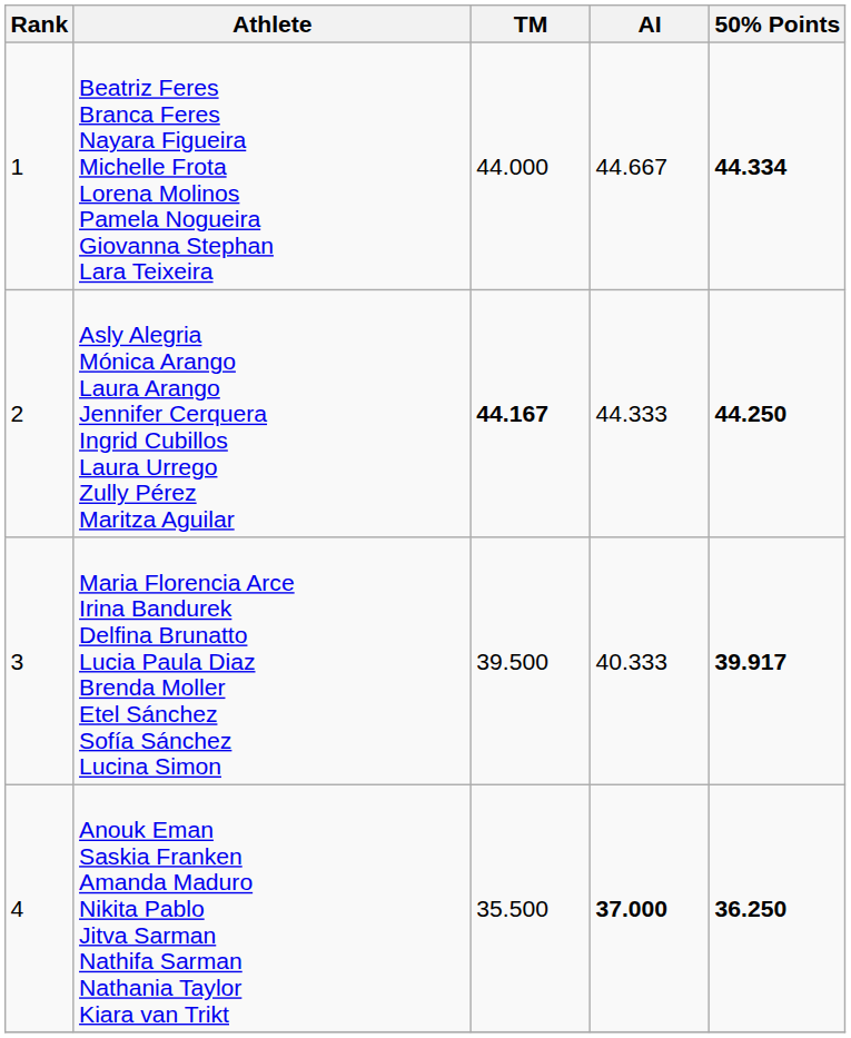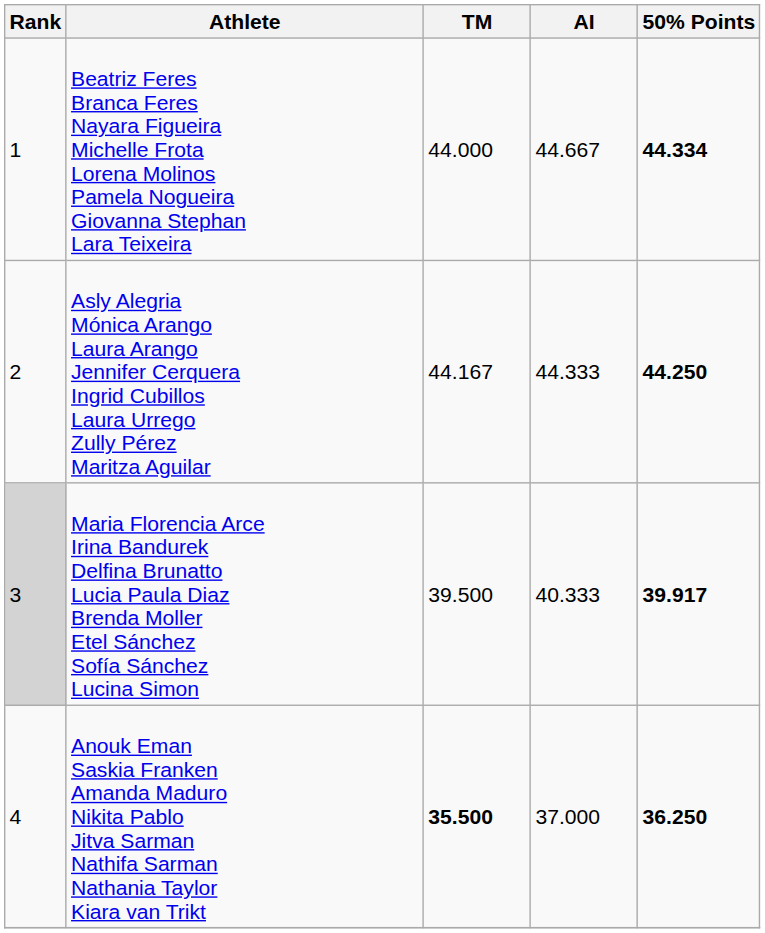 <table class="wikitable" style="font-size:95%" style="width:35em;" style="text-align:center">
 <tr>
 <th>Rank</th>
 <th width=250>Athlete</th>
 <th width=70>TM</th>
 <th width=70>AI</th>
 <th>50% Points</th>
 </tr>
 <tr>
 <td>1</td>
 <td align=left><br><a href='#'>Beatriz Feres</a><br><a href='#'>Branca Feres</a><br><a href='#'>Nayara Figueira</a><br><a href='#'>Michelle Frota</a><br><a href='#'>Lorena Molinos</a><br><a href='#'>Pamela Nogueira</a><br><a href='#'>Giovanna Stephan</a><br><a href='#'>Lara Teixeira</a></td>
 <td>44.000</td>
 <td>44.667</td>
 <td><strong>44.334</strong></td>
 </tr>
 <tr>
 <td>2</td>
 <td align=left><br><a href='#'>Asly Alegria</a><br><a href='#'>Mónica Arango</a><br><a href='#'>Laura Arango</a><br><a href='#'>Jennifer Cerquera</a><br><a href='#'>Ingrid Cubillos</a><br><a href='#'>Laura Urrego</a><br><a href='#'>Zully Pérez</a><br><a href='#'>Maritza Aguilar</a></td>
-<td><strong>44.167</strong></td>
+<td>44.167</td>
 <td>44.333</td>
 <td><strong>44.250</strong></td>
 </tr>
 <tr>
-<td>3</td>
+<td style="background: lightgrey;">3</td>
 <td align=left><br><a href='#'>Maria Florencia Arce</a><br><a href='#'>Irina Bandurek</a><br><a href='#'>Delfina Brunatto</a><br><a href='#'>Lucia Paula Diaz</a><br><a href='#'>Brenda Moller</a><br><a href='#'>Etel Sánchez</a><br><a href='#'>Sofía Sánchez</a><br><a href='#'>Lucina Simon</a></td>
 <td>39.500</td>
 <td>40.333</td>
 <td><strong>39.917</strong></td>
 </tr>
 <tr>
 <td>4</td>
 <td align=left><br><a href='#'>Anouk Eman</a><br><a href='#'>Saskia Franken</a><br><a href='#'>Amanda Maduro</a><br><a href='#'>Nikita Pablo</a><br><a href='#'>Jitva Sarman</a><br><a href='#'>Nathifa Sarman</a><br><a href='#'>Nathania Taylor</a><br><a href='#'>Kiara van Trikt</a></td>
-<td>35.500</td>
-<td><strong>37.000</strong></td>
+<td><strong>35.500</strong></td>
+<td>37.000</td>
 <td><strong>36.250</strong></td>
 </tr>
 <tr>
 </tr>
 </table>
